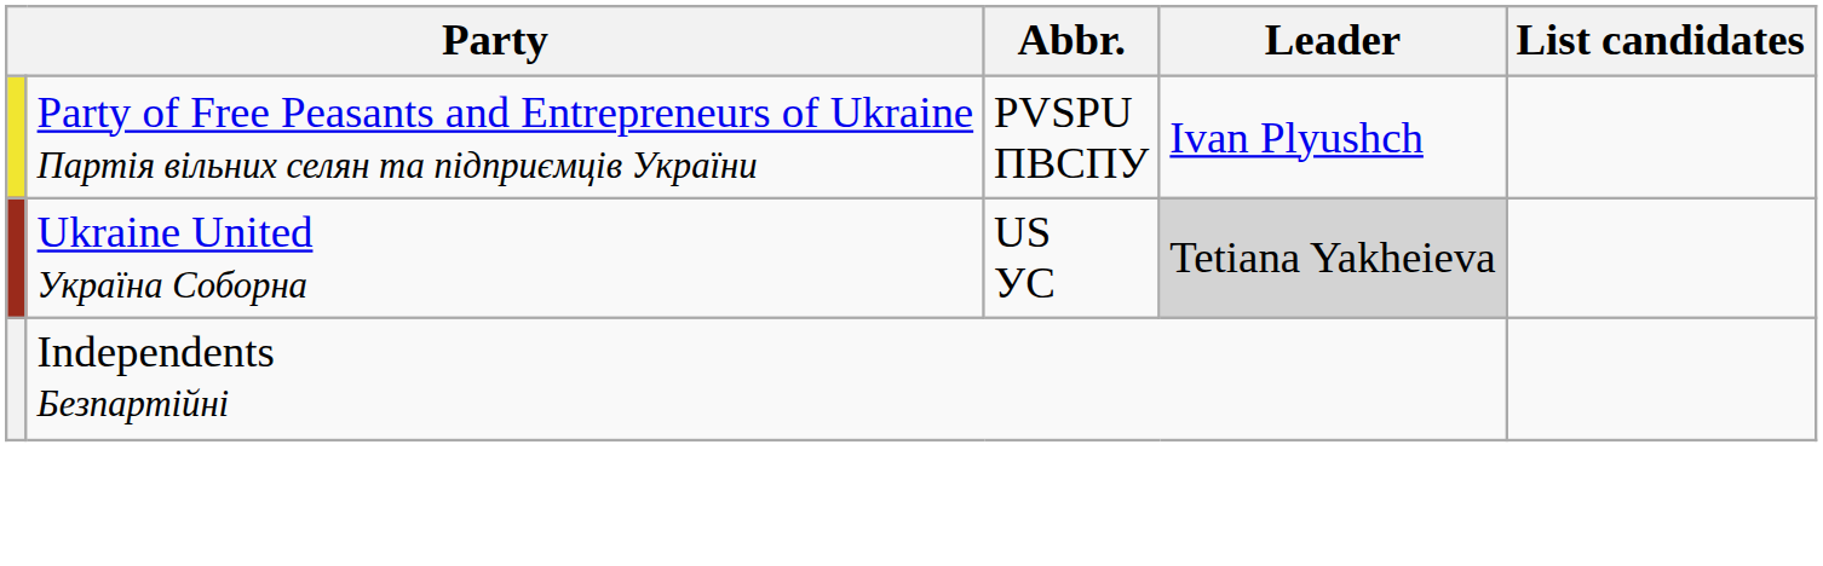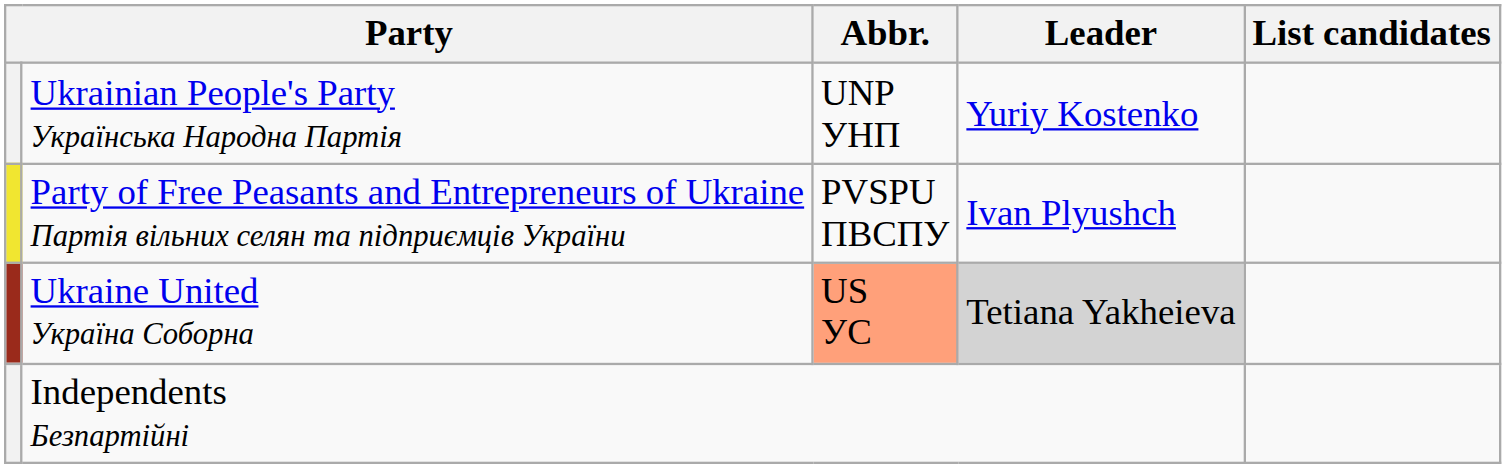 <table class="wikitable">
 <tr>
 <th colspan="2">Party</th>
 <th>Abbr.</th>
 <th>Leader</th>
 <th>List candidates</th>
+</tr>
+<tr>
+<th style="background-color:"></th>
+<td><a href='#'>Ukrainian People's Party</a><br><em><small>Українська Народна Партія</small></em></td>
+<td>UNP<br>УНП</td>
+<td><a href='#'>Yuriy Kostenko</a></td>
+<td></td>
 </tr>
 <tr>
 <th style="background-color:#F1E630;"></th>
 <td><a href='#'>Party of Free Peasants and Entrepreneurs of Ukraine</a><br><em><small>Партія вільних селян та підприємців України</small></em></td>
 <td>PVSPU<br>ПВСПУ</td>
 <td><a href='#'>Ivan Plyushch</a></td>
 <td></td>
 </tr>
 <tr>
 <th style="background-color:#9A2A1B;"></th>
 <td><a href='#'>Ukraine United</a><br><small><em>Україна Соборна</em></small></td>
-<td>US<br>УС</td>
+<td style="background: lightsalmon;">US<br>УС</td>
 <td style="background: lightgrey;">Tetiana Yakheieva</td>
 <td></td>
 </tr>
 <tr>
 <th></th>
 <td colspan="3">Independents<br><em><small>Безпартійні</small></em></td>
 <td></td>
 </tr>
 </table>
